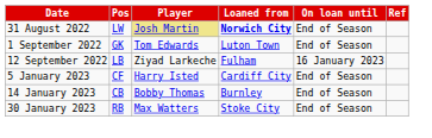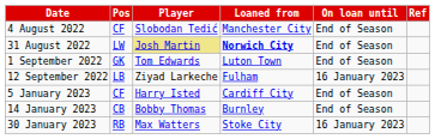 <table class="wikitable plainrowheaders sortable">
 <tr>
 <th style="background:#dd0000; color:#ffffff; ">Date</th>
 <th style="background:#dd0000; color:#ffffff; ">Pos</th>
 <th style="background:#dd0000; color:#ffffff; ">Player</th>
 <th style="background:#dd0000; color:#ffffff; ">Loaned from</th>
 <th style="background:#dd0000; color:#ffffff; ">On loan until</th>
 <th style="background:#dd0000; color:#ffffff; ">Ref</th>
+</tr>
+<tr>
+<td>4 August 2022</td>
+<td><a href='#'>CF</a></td>
+<td> <a href='#'>Slobodan Tedić</a></td>
+<td> <a href='#'>Manchester City</a></td>
+<td>End of Season</td>
+<td></td>
 </tr>
 <tr>
 <td>31 August 2022</td>
 <td><a href='#'>LW</a></td>
 <td style="background: khaki;"> <a href='#'>Josh Martin</a></td>
 <td><strong> <a href='#'>Norwich City</a></strong></td>
 <td>End of Season</td>
 <td></td>
 </tr>
 <tr>
 <td>1 September 2022</td>
 <td><a href='#'>GK</a></td>
 <td> <a href='#'>Tom Edwards</a></td>
 <td> <a href='#'>Luton Town</a></td>
 <td>End of Season</td>
 <td></td>
 </tr>
 <tr>
 <td>12 September 2022</td>
 <td><a href='#'>LB</a></td>
 <td> Ziyad Larkeche</td>
 <td> <a href='#'>Fulham</a></td>
 <td>16 January 2023</td>
 <td></td>
 </tr>
 <tr>
 <td>5 January 2023</td>
 <td><a href='#'>CF</a></td>
 <td> <a href='#'>Harry Isted</a></td>
 <td> <a href='#'>Cardiff City</a></td>
 <td>End of Season</td>
 <td></td>
 </tr>
 <tr>
 <td>14 January 2023</td>
 <td><a href='#'>CB</a></td>
 <td> <a href='#'>Bobby Thomas</a></td>
 <td> <a href='#'>Burnley</a></td>
 <td>End of Season</td>
 <td></td>
 </tr>
 <tr>
 <td>30 January 2023</td>
 <td><a href='#'>RB</a></td>
 <td> <a href='#'>Max Watters</a></td>
 <td> <a href='#'>Stoke City</a></td>
-<td>End of Season</td>
+<td>16 January 2023</td>
 <td></td>
 </tr>
 </table>
